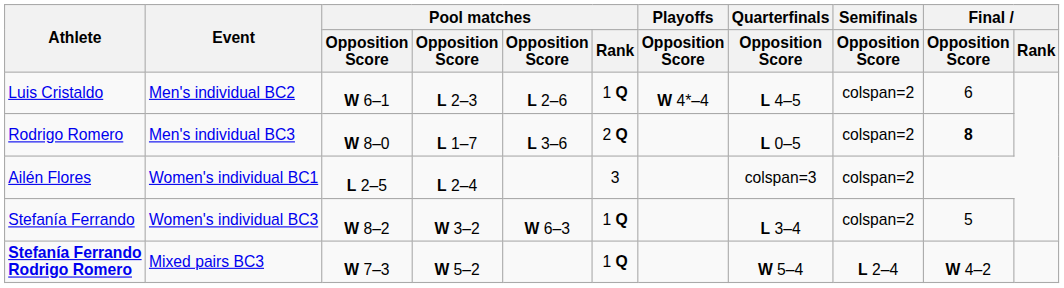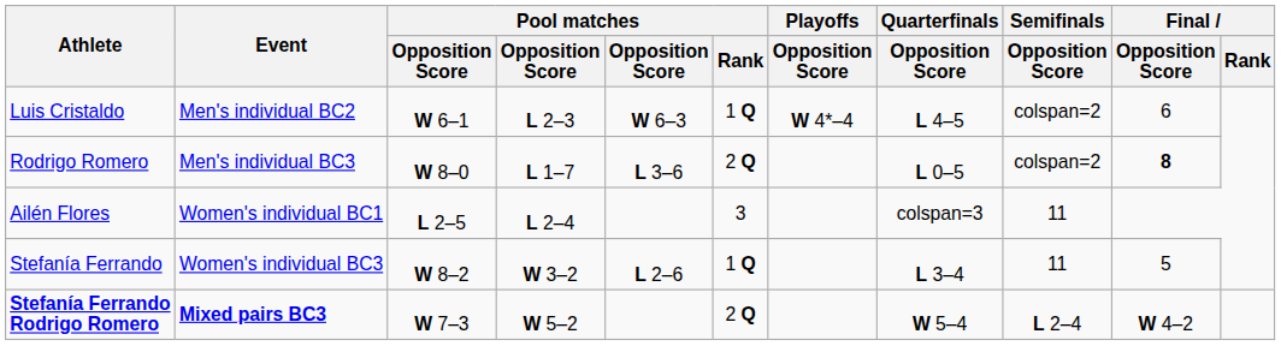 <table class=wikitable style="font-size:90%">
 <tr>
 <th rowspan="2">Athlete</th>
 <th rowspan="2">Event</th>
 <th colspan="4">Pool matches</th>
 <th>Playoffs</th>
 <th>Quarterfinals</th>
 <th>Semifinals</th>
 <th colspan=2>Final / </th>
 </tr>
 <tr>
 <th>Opposition<br>Score</th>
 <th>Opposition<br>Score</th>
 <th>Opposition<br>Score</th>
 <th>Rank</th>
 <th>Opposition<br>Score</th>
 <th>Opposition<br>Score</th>
 <th>Opposition<br>Score</th>
 <th>Opposition<br>Score</th>
 <th>Rank</th>
 </tr>
 <tr align=center>
 <td align=left><a href='#'>Luis Cristaldo</a></td>
 <td align=left><a href='#'>Men's individual BC2</a></td>
 <td><br><strong>W</strong> 6–1</td>
 <td><br><strong>L</strong> 2–3</td>
-<td><br><strong>L</strong> 2–6</td>
+<td><br><strong>W</strong> 6–3</td>
 <td>1 <strong>Q</strong></td>
 <td><br><strong>W</strong> 4*–4</td>
 <td><br><strong>L</strong> 4–5</td>
 <td>colspan=2 </td>
 <td>6</td>
 </tr>
 <tr align=center>
 <td align=left><a href='#'>Rodrigo Romero</a></td>
 <td align=left><a href='#'>Men's individual BC3</a></td>
 <td><br><strong>W</strong> 8–0</td>
 <td><br><strong>L</strong> 1–7</td>
 <td><br><strong>L</strong> 3–6</td>
 <td>2 <strong>Q</strong></td>
 <td></td>
 <td><br><strong>L</strong> 0–5</td>
 <td>colspan=2 </td>
 <td><strong>8</strong></td>
 </tr>
 <tr align=center>
 <td align=left><a href='#'>Ailén Flores</a></td>
 <td align=left><a href='#'>Women's individual BC1</a></td>
 <td><br><strong>L</strong> 2–5</td>
 <td><br><strong>L</strong> 2–4</td>
 <td></td>
 <td>3</td>
 <td></td>
 <td>colspan=3 </td>
-<td>colspan=2 </td>
+<td>11</td>
 </tr>
 <tr align=center>
 <td align=left><a href='#'>Stefanía Ferrando</a></td>
 <td align=left><a href='#'>Women's individual BC3</a></td>
 <td><br><strong>W</strong> 8–2</td>
 <td><br><strong>W</strong> 3–2</td>
-<td><br><strong>W</strong> 6–3</td>
+<td><br><strong>L</strong> 2–6</td>
 <td>1 <strong>Q</strong></td>
 <td></td>
 <td><br><strong>L</strong> 3–4</td>
-<td>colspan=2 </td>
+<td>11</td>
 <td>5</td>
 </tr>
 <tr align=center>
 <td align=left><strong><a href='#'>Stefanía Ferrando</a></strong><br><strong><a href='#'>Rodrigo Romero</a></strong></td>
-<td align=left><a href='#'>Mixed pairs BC3</a></td>
+<td align=left><strong><a href='#'>Mixed pairs BC3</a></strong></td>
 <td><br><strong>W</strong> 7–3</td>
 <td><br><strong>W</strong> 5–2</td>
 <td></td>
-<td>1 <strong>Q</strong></td>
+<td>2 <strong>Q</strong></td>
 <td></td>
 <td><br><strong>W</strong> 5–4</td>
 <td><br><strong>L</strong> 2–4</td>
 <td><br><strong>W</strong> 4–2</td>
 <td></td>
 </tr>
 </table>
